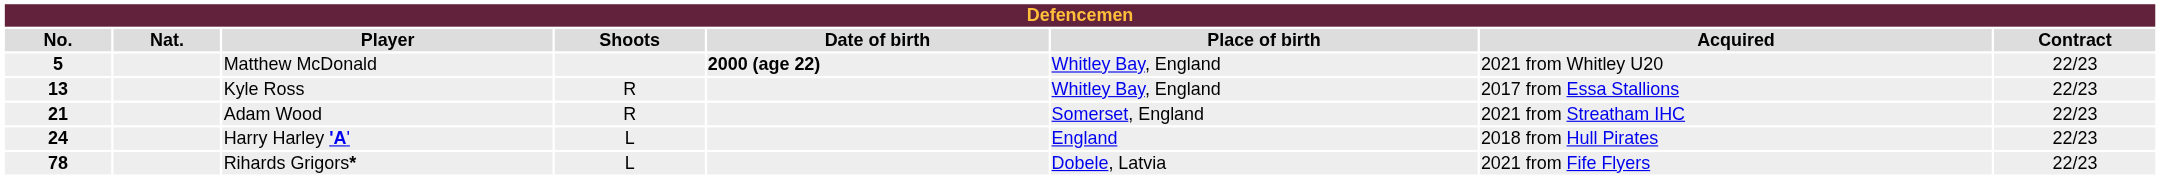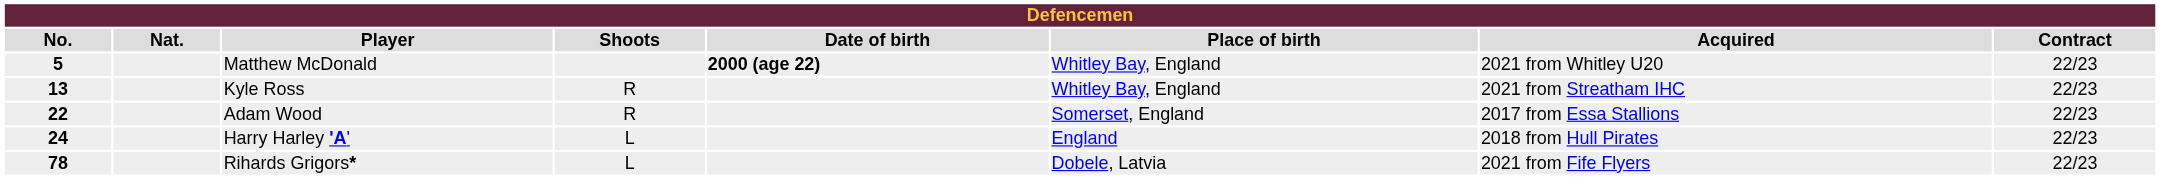 <table class="toccolours"  style="width:97%; clear:both; margin:1.5em auto; text-align:center;">
 <tr style="background:#ddd;">
 <th colspan="11" style="background:#62223b; color:#ffbf3a;”">Defencemen</th>
 </tr>
 <tr style="background:#ddd;">
 <th width=5%>No.</th>
 <th width=5%>Nat.</th>
 <th !width=22%>Player</th>
 <th width=7%>Shoots</th>
 <th width=16%>Date of birth</th>
 <th width=20%>Place of birth</th>
 <th width=24%>Acquired</th>
 <td><strong>Contract</strong></td>
 </tr>
 <tr style="background:#eee;">
 <td><strong>5</strong></td>
 <td></td>
 <td align=left>Matthew McDonald</td>
 <td></td>
 <td align=left><strong>2000 (age 22)</strong></td>
 <td align=left><a href='#'>Whitley Bay</a>, England</td>
 <td align=left>2021 from Whitley U20</td>
 <td>22/23</td>
 </tr>
 <tr style="background:#eee;">
 <td><strong>13</strong></td>
 <td></td>
 <td align=left>Kyle Ross</td>
 <td>R</td>
 <td align=left></td>
 <td align=left><a href='#'>Whitley Bay</a>, England</td>
-<td align=left>2017 from <a href='#'>Essa Stallions</a></td>
+<td align=left>2021 from <a href='#'>Streatham IHC</a></td>
 <td>22/23</td>
 </tr>
 <tr style="background:#eee;">
-<td><strong>21</strong></td>
+<td><strong>22</strong></td>
 <td></td>
 <td align=left>Adam Wood</td>
 <td>R</td>
 <td align=left></td>
 <td align=left><a href='#'>Somerset</a>, England</td>
-<td align=left>2021 from <a href='#'>Streatham IHC</a></td>
+<td align=left>2017 from <a href='#'>Essa Stallions</a></td>
 <td>22/23</td>
 </tr>
 <tr style="background:#eee;">
 <td><strong>24</strong></td>
 <td></td>
 <td align=left>Harry Harley <a href='#'><strong>'A</strong>'</a></td>
 <td>L</td>
 <td align=left></td>
 <td align=left><a href='#'>England</a></td>
 <td align=left>2018 from <a href='#'>Hull Pirates</a></td>
 <td>22/23</td>
 </tr>
 <tr style="background:#eee;">
 <td><strong>78</strong></td>
 <td></td>
 <td align=left>Rihards Grigors<strong>*</strong></td>
 <td>L</td>
 <td align=left></td>
 <td align=left><a href='#'>Dobele</a>, Latvia</td>
 <td align=left>2021 from <a href='#'>Fife Flyers</a></td>
 <td>22/23</td>
 </tr>
 </table>
